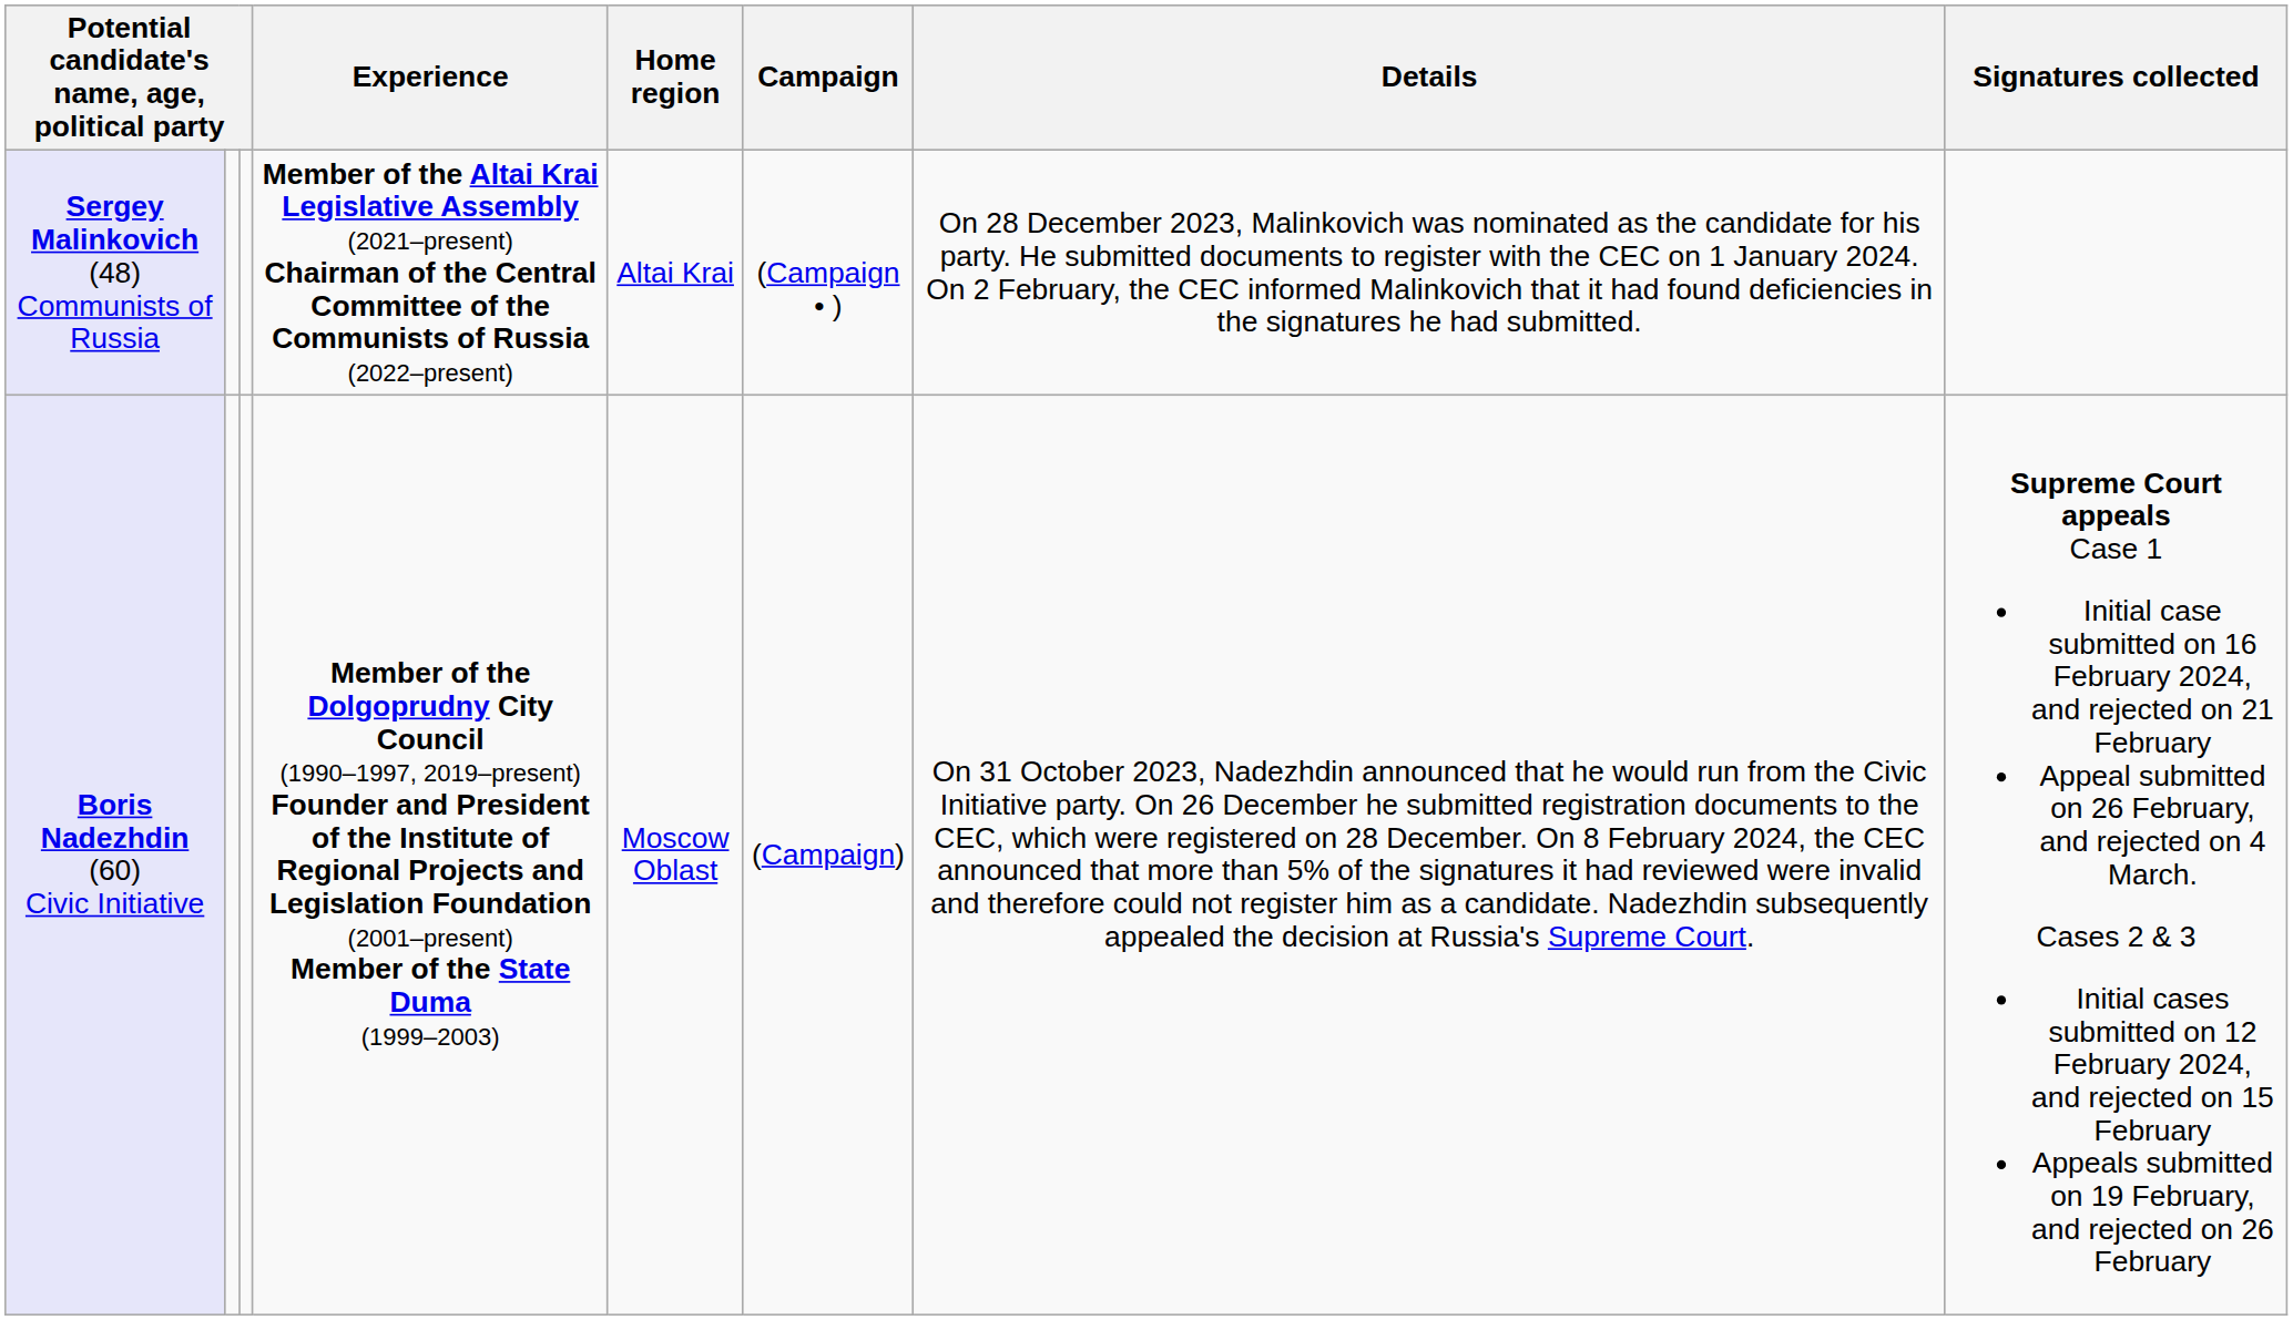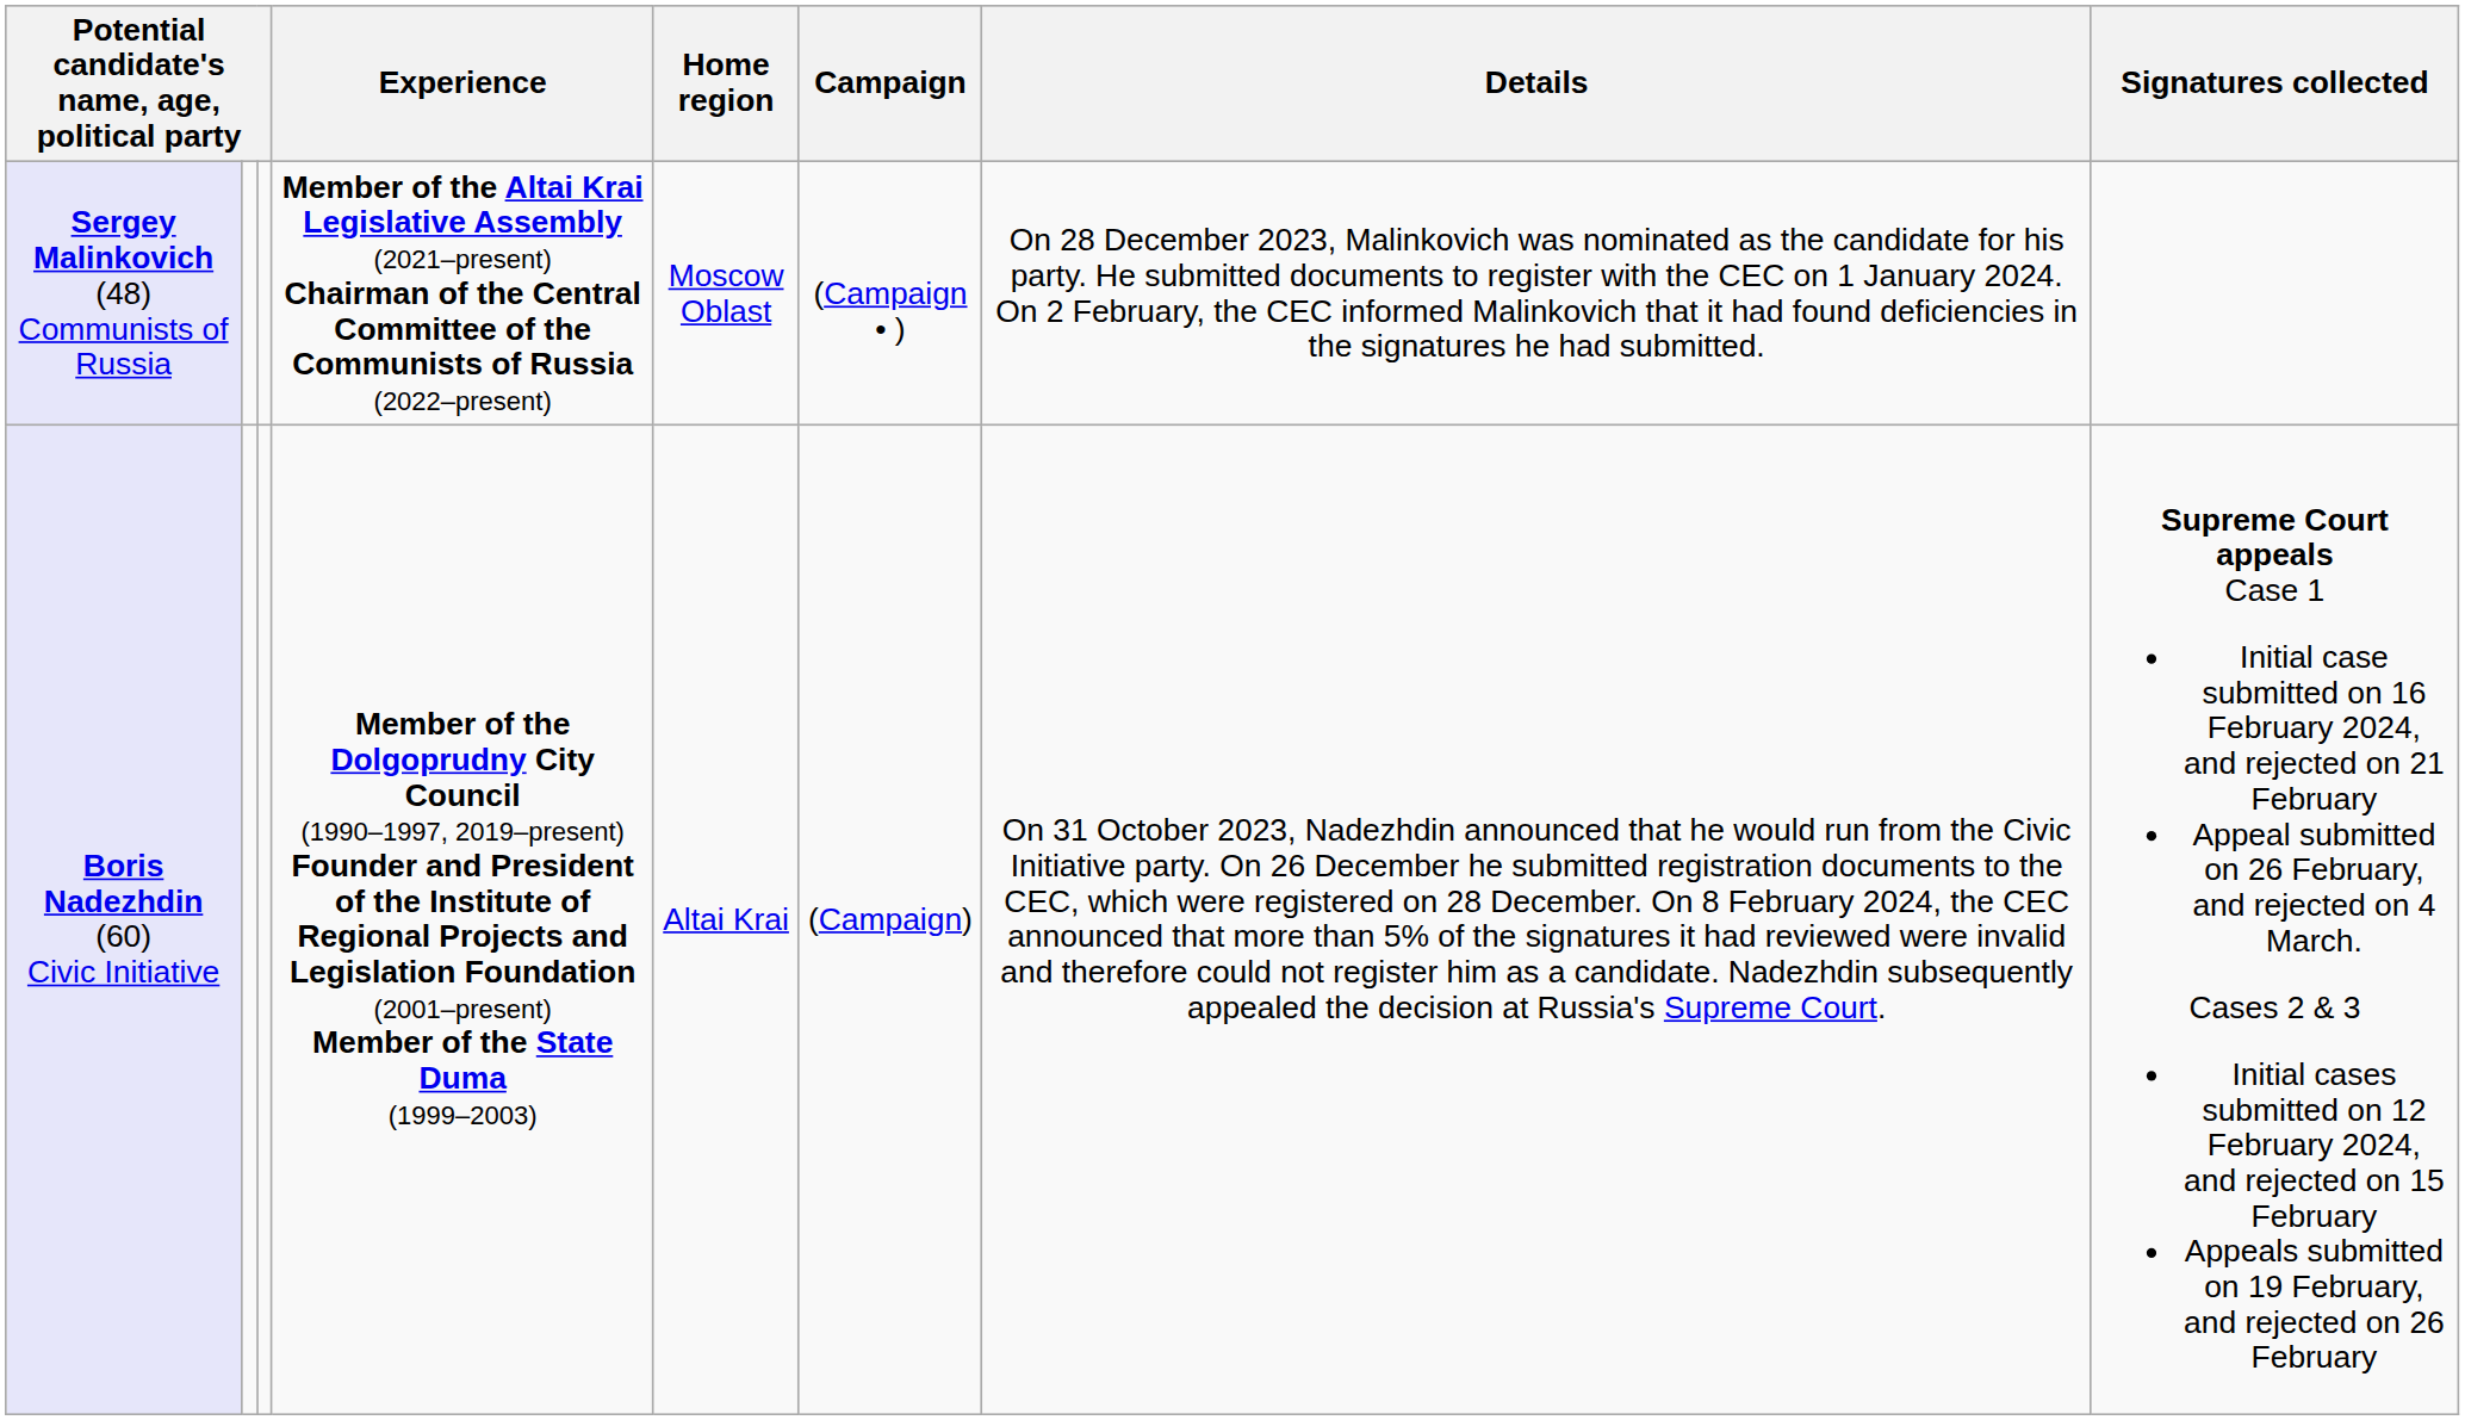 <table class="wikitable" style="text-align:center">
 <tr>
 <th colspan="3">Potential candidate's name, age,<br>political party</th>
 <th>Experience</th>
 <th>Home region</th>
 <th>Campaign</th>
 <th>Details</th>
 <th>Signatures collected</th>
 </tr>
 <tr>
 <td style="background:lavender;"><strong><a href='#'>Sergey Malinkovich</a></strong><br>(48)<br><a href='#'>Communists of Russia</a></td>
 <td></td>
 <td style="background-color:"></td>
 <td><strong>Member of the <a href='#'>Altai Krai Legislative Assembly</a></strong><br><small>(2021–present)</small><br><strong>Chairman of the Central Committee of the Communists of Russia</strong><br><small>(2022–present)</small></td>
-<td> <a href='#'>Altai Krai</a></td>
+<td> <a href='#'>Moscow Oblast</a></td>
 <td><br>(<a href='#'>Campaign</a> • )</td>
 <td>On 28 December 2023, Malinkovich was nominated as the candidate for his party. He submitted documents to register with the CEC on 1 January 2024. On 2 February, the CEC informed Malinkovich that it had found deficiencies in the signatures he had submitted.</td>
 <td></td>
 </tr>
 <tr>
 <td style="background:lavender;"><strong><a href='#'>Boris Nadezhdin</a></strong><br>(60)<br><a href='#'>Civic Initiative</a></td>
 <td></td>
 <td style="background-color:"></td>
 <td><strong>Member of the <a href='#'>Dolgoprudny</a> City Council</strong><br><small>(1990–1997, 2019–present)</small><br><strong>Founder and President of the Institute of Regional Projects and Legislation Foundation</strong><br><small>(2001–present)</small><br><strong>Member of the <a href='#'>State Duma</a></strong><br><small>(1999–2003)</small></td>
-<td> <a href='#'>Moscow Oblast</a></td>
+<td> <a href='#'>Altai Krai</a></td>
 <td>(<a href='#'>Campaign</a>)</td>
 <td>On 31 October 2023, Nadezhdin announced that he would run from the Civic Initiative party. On 26 December he submitted registration documents to the CEC, which were registered on 28 December. On 8 February 2024, the CEC announced that more than 5% of the signatures it had reviewed were invalid and therefore could not register him as a candidate. Nadezhdin subsequently appealed the decision at Russia's <a href='#'>Supreme Court</a>.</td>
 <td><br>  <br> <strong>Supreme Court appeals</strong> <br> Case 1<ul><li>Initial case submitted on 16 February 2024, and rejected on 21 February</li><li>Appeal submitted on 26 February, and rejected on 4 March.</li></ul>Cases 2 & 3<ul><li>Initial cases submitted on 12 February 2024, and rejected on 15 February</li><li>Appeals submitted on 19 February, and rejected on 26 February</li></ul></td>
 </tr>
 </table>
